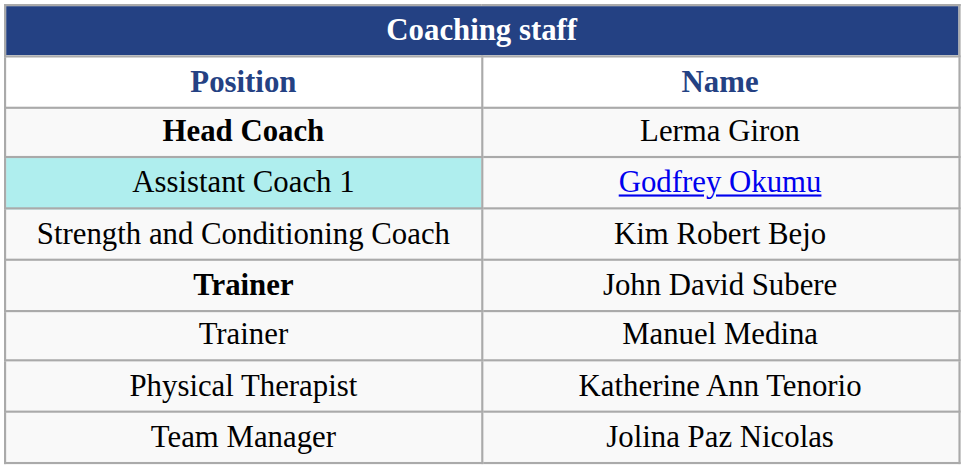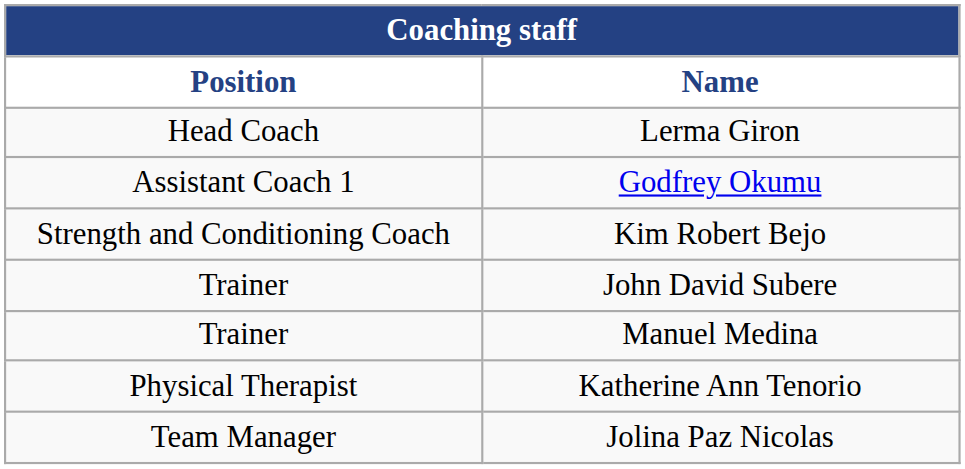 <table class="wikitable sortable" style="font-size:90%; text-align:center;">
 <tr>
 <th colspan="5" style= "background:#244183; color:white; text-align: center">Coaching staff</th>
 </tr>
 <tr align=center>
 <th style="width:15em; background:white; color:#244183;">Position</th>
 <th style="width:15em; background:white; color:#244183;">Name</th>
 </tr>
 <tr>
-<td><strong>Head Coach</strong></td>
+<td>Head Coach</td>
 <td> Lerma Giron</td>
 </tr>
 <tr>
-<td style="background: paleturquoise;">Assistant Coach 1</td>
+<td>Assistant Coach 1</td>
 <td> <a href='#'>Godfrey Okumu</a></td>
 </tr>
 <tr>
 <td>Strength and Conditioning Coach</td>
 <td> Kim Robert Bejo</td>
 </tr>
 <tr>
-<td><strong>Trainer</strong></td>
+<td>Trainer</td>
 <td>  John David Subere</td>
 </tr>
 <tr>
 <td>Trainer</td>
 <td> Manuel Medina</td>
 </tr>
 <tr>
 <td>Physical Therapist</td>
 <td> Katherine Ann Tenorio</td>
 </tr>
 <tr>
 <td>Team Manager</td>
 <td> Jolina Paz Nicolas</td>
 </tr>
 </table>
